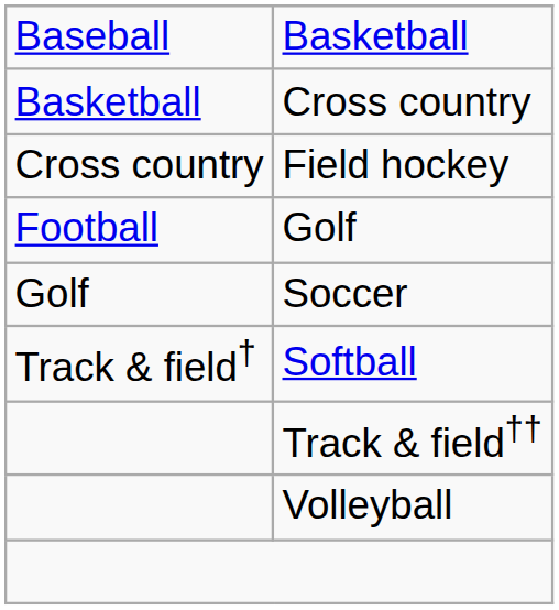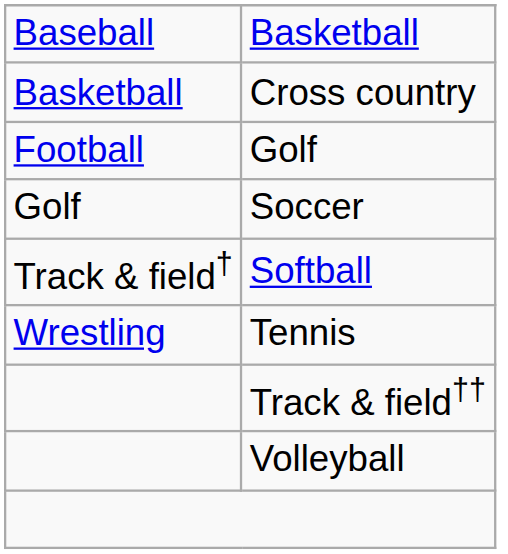 <table class="wikitable" style= " ">
 <tr>
 </tr>
 <tr>
 <td><a href='#'>Baseball</a></td>
 <td><a href='#'>Basketball</a></td>
 </tr>
 <tr>
 <td><a href='#'>Basketball</a></td>
 <td>Cross country</td>
-</tr>
-<tr>
-<td>Cross country</td>
-<td>Field hockey</td>
 </tr>
 <tr>
 <td><a href='#'>Football</a></td>
 <td>Golf</td>
 </tr>
 <tr>
 <td>Golf</td>
 <td>Soccer</td>
 </tr>
 <tr>
 <td>Track & field<sup>†</sup></td>
 <td><a href='#'>Softball</a></td>
 </tr>
 <tr>
+<td><a href='#'>Wrestling</a></td>
+<td>Tennis</td>
+</tr>
+<tr>
 <td></td>
 <td>Track & field<sup>††</sup></td>
 </tr>
 <tr>
 <td></td>
 <td>Volleyball</td>
 </tr>
 <tr>
 <td colspan="2"><br></td>
 </tr>
 </table>
